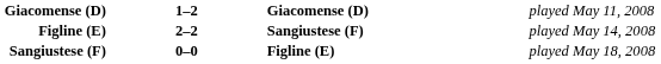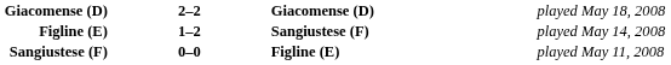 <table style="width:100%;" cellspacing="1">
 <tr>
 <th style="width:20%;"></th>
 <th style="width:12%;"></th>
 <th style="width:20%;"></th>
 <th style="width:20%;"></th>
 <th></th>
 </tr>
 <tr style="font-size:90%;">
 <td align="right"><strong>Giacomense (D)</strong></td>
-<td style="text-align:center;"><strong>1–2</strong></td>
+<td style="text-align:center;"><strong>2–2</strong></td>
 <td align="left"><strong>Giacomense (D)</strong></td>
-<td align="left"><em>played May 11, 2008</em></td>
+<td align="left"><em>played May 18, 2008</em></td>
 </tr>
 <tr style="font-size:90%;">
 <td align="right"><strong>Figline (E)</strong></td>
-<td style="text-align:center;"><strong>2–2</strong></td>
+<td style="text-align:center;"><strong>1–2</strong></td>
 <td align="left"><strong>Sangiustese (F)</strong></td>
 <td align="left"><em>played May 14, 2008</em></td>
 </tr>
 <tr style="font-size:90%;">
 <td align="right"><strong>Sangiustese (F)</strong></td>
 <td style="text-align:center;"><strong>0–0</strong></td>
 <td align="left"><strong>Figline (E)</strong></td>
-<td align="left"><em>played May 18, 2008</em></td>
+<td align="left"><em>played May 11, 2008</em></td>
 </tr>
 </table>
